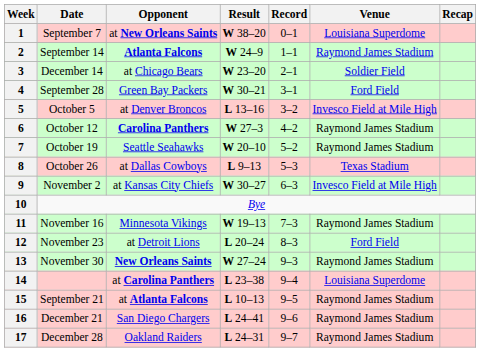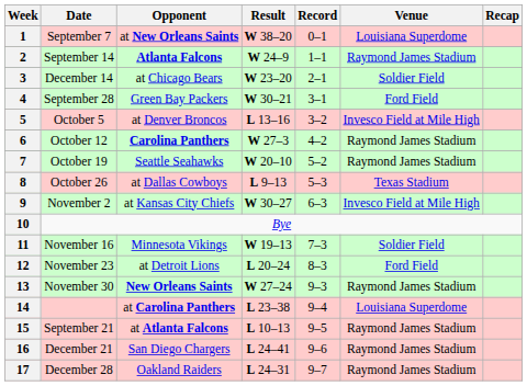 <table class="wikitable" style="font-size: 95%; text-align:center">
 <tr>
 <th>Week</th>
 <th>Date</th>
 <th>Opponent</th>
 <th>Result</th>
 <th>Record</th>
 <th>Venue</th>
 <th>Recap</th>
 </tr>
 <tr style= "background: #fcc;">
 <th align="center">1</th>
 <td align="center">September 7</td>
 <td>at <strong><a href='#'>New Orleans Saints</a></strong></td>
 <td align="center"><strong>W</strong> 38–20</td>
 <td align="center">0–1</td>
 <td align="center"><a href='#'>Louisiana Superdome</a></td>
 <td align="center"></td>
 </tr>
 <tr style= "background: #cfc;">
 <th align="center">2</th>
 <td align="center">September 14</td>
 <td><strong><a href='#'>Atlanta Falcons</a></strong></td>
 <td align="center"><strong>W</strong> 24–9</td>
 <td align="center">1–1</td>
 <td align="center"><a href='#'>Raymond James Stadium</a></td>
 <td align="center"></td>
 </tr>
 <tr style= "background: #cfc;">
 <th align="center">3</th>
 <td align="center">December 14</td>
 <td>at <a href='#'>Chicago Bears</a></td>
 <td align="center"><strong>W</strong> 23–20</td>
 <td align="center">2–1</td>
 <td align="center"><a href='#'>Soldier Field</a></td>
 <td align="center"></td>
 </tr>
 <tr style= "background: #cfc;">
 <th align="center">4</th>
 <td align="center">September 28</td>
 <td><a href='#'>Green Bay Packers</a></td>
 <td align="center"><strong>W</strong> 30–21</td>
 <td align="center">3–1</td>
 <td align="center"><a href='#'>Ford Field</a></td>
 <td align="center"></td>
 </tr>
 <tr style= "background: #fcc;">
 <th align="center">5</th>
 <td align="center">October 5</td>
 <td>at <a href='#'>Denver Broncos</a></td>
 <td align="center"><strong>L</strong> 13–16</td>
 <td align="center">3–2</td>
 <td align="center"><a href='#'>Invesco Field at Mile High</a></td>
 <td align="center"></td>
 </tr>
 <tr style= "background: #cfc;">
 <th align="center">6</th>
 <td align="center">October 12</td>
 <td><strong><a href='#'>Carolina Panthers</a></strong></td>
 <td align="center"><strong>W</strong> 27–3</td>
 <td align="center">4–2</td>
 <td align="center">Raymond James Stadium</td>
 <td align="center"></td>
 </tr>
 <tr style= "background: #cfc;">
 <th align="center">7</th>
 <td align="center">October 19</td>
 <td><a href='#'>Seattle Seahawks</a></td>
 <td align="center"><strong>W</strong> 20–10</td>
 <td align="center">5–2</td>
 <td align="center">Raymond James Stadium</td>
 <td align="center"></td>
 </tr>
 <tr style= "background: #fcc;">
 <th align="center">8</th>
 <td align="center">October 26</td>
 <td>at <a href='#'>Dallas Cowboys</a></td>
 <td align="center"><strong>L</strong> 9–13</td>
 <td align="center">5–3</td>
 <td align="center"><a href='#'>Texas Stadium</a></td>
 <td align="center"></td>
 </tr>
 <tr style= "background: #cfc;">
 <th align="center">9</th>
 <td align="center">November 2</td>
 <td>at <a href='#'>Kansas City Chiefs</a></td>
 <td align="center"><strong>W</strong> 30–27  </td>
 <td align="center">6–3</td>
 <td align="center"><a href='#'>Invesco Field at Mile High</a></td>
 <td align="center"></td>
 </tr>
 <tr>
 <th align="center">10</th>
 <td colspan="9" align="center" valign="middle"><em><a href='#'>Bye</a></em></td>
 </tr>
 <tr style= "background: #cfc;">
 <th align="center">11</th>
 <td align="center">November 16</td>
 <td><a href='#'>Minnesota Vikings</a></td>
 <td align="center"><strong>W</strong> 19–13</td>
 <td align="center">7–3</td>
-<td align="center">Raymond James Stadium</td>
+<td align="center"><a href='#'>Soldier Field</a></td>
 <td align="center"></td>
 </tr>
 <tr style= "background: #cfc;">
 <th align="center">12</th>
 <td align="center">November 23</td>
 <td>at <a href='#'>Detroit Lions</a></td>
 <td align="center"><strong>L</strong> 20–24</td>
 <td align="center">8–3</td>
 <td align="center"><a href='#'>Ford Field</a></td>
 <td align="center"></td>
 </tr>
 <tr style= "background: #cfc;">
 <th align="center">13</th>
 <td align="center">November 30</td>
 <td><strong><a href='#'>New Orleans Saints</a></strong></td>
 <td align="center"><strong>W</strong> 27–24  </td>
 <td align="center">9–3</td>
 <td align="center">Raymond James Stadium</td>
 <td align="center"></td>
 </tr>
 <tr style= "background: #fcc;">
 <th align="center">14</th>
 <td align="center"></td>
 <td>at <strong><a href='#'>Carolina Panthers</a></strong></td>
 <td align="center"><strong>L</strong> 23–38</td>
 <td align="center">9–4</td>
 <td align="center"><a href='#'>Louisiana Superdome</a></td>
 <td align="center"></td>
 </tr>
 <tr style= "background: #fcc;">
 <th align="center">15</th>
 <td align="center">September 21</td>
 <td>at <strong><a href='#'>Atlanta Falcons</a></strong></td>
 <td align="center"><strong>L</strong> 10–13  </td>
 <td align="center">9–5</td>
 <td align="center">Raymond James Stadium</td>
 <td align="center"></td>
 </tr>
 <tr style= "background: #fcc;">
 <th align="center">16</th>
 <td align="center">December 21</td>
 <td><a href='#'>San Diego Chargers</a></td>
 <td align="center"><strong>L</strong> 24–41</td>
 <td align="center">9–6</td>
 <td align="center">Raymond James Stadium</td>
 <td align="center"></td>
 </tr>
 <tr style= "background: #fcc;">
 <th align="center">17</th>
 <td align="center">December 28</td>
 <td><a href='#'>Oakland Raiders</a></td>
 <td align="center"><strong>L</strong> 24–31</td>
 <td align="center">9–7</td>
 <td align="center">Raymond James Stadium</td>
 <td align="center"></td>
 </tr>
 </table>
